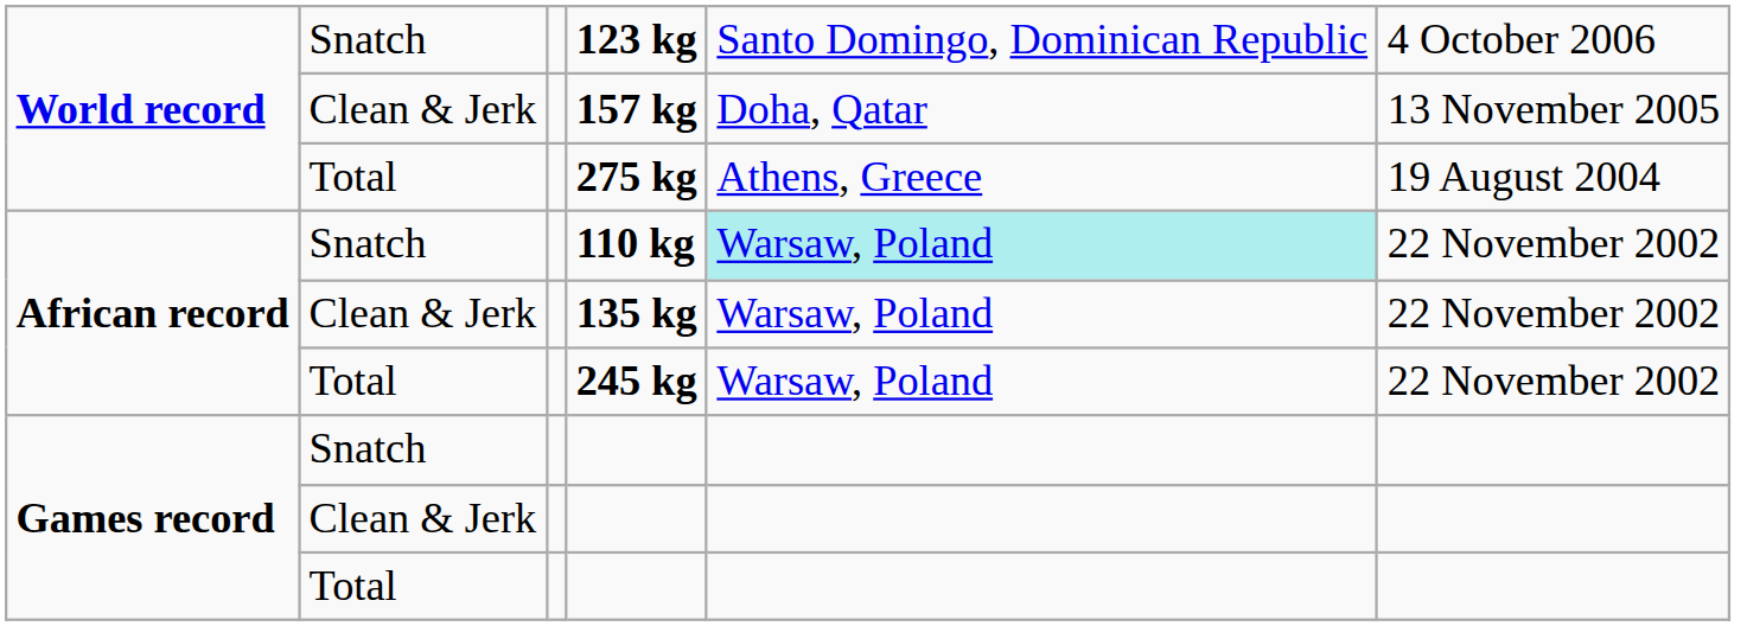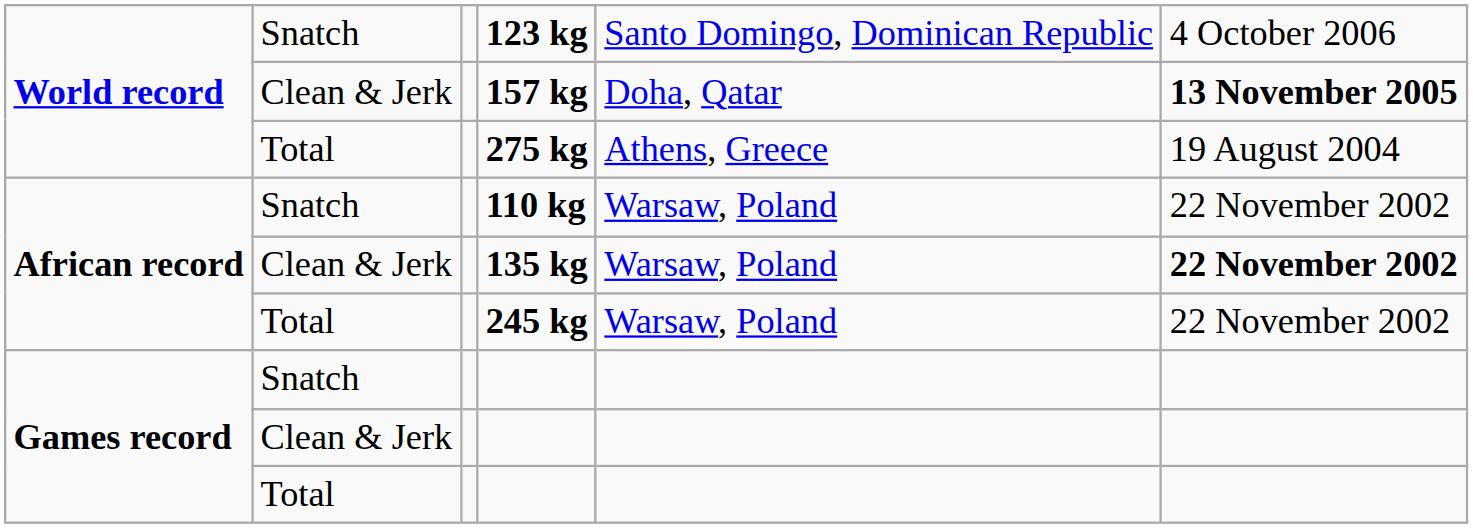 <table class="wikitable">
 <tr>
 <td rowspan=3><strong><a href='#'>World record</a></strong></td>
 <td>Snatch</td>
 <td></td>
 <td><strong>123 kg</strong></td>
 <td><a href='#'>Santo Domingo</a>, <a href='#'>Dominican Republic</a></td>
 <td>4 October 2006</td>
 </tr>
 <tr>
 <td>Clean & Jerk</td>
 <td></td>
 <td><strong>157 kg</strong></td>
 <td><a href='#'>Doha</a>, <a href='#'>Qatar</a></td>
-<td>13 November 2005</td>
+<td><strong>13 November 2005</strong></td>
 </tr>
 <tr>
 <td>Total</td>
 <td></td>
 <td><strong>275 kg</strong></td>
 <td><a href='#'>Athens</a>, <a href='#'>Greece</a></td>
 <td>19 August 2004</td>
 </tr>
 <tr>
 <td rowspan=3><strong>African record</strong></td>
 <td>Snatch</td>
 <td></td>
 <td><strong>110 kg</strong></td>
-<td style="background: paleturquoise;"><a href='#'>Warsaw</a>, <a href='#'>Poland</a></td>
+<td><a href='#'>Warsaw</a>, <a href='#'>Poland</a></td>
 <td>22 November 2002</td>
 </tr>
 <tr>
 <td>Clean & Jerk</td>
 <td></td>
 <td><strong>135 kg</strong></td>
 <td><a href='#'>Warsaw</a>, <a href='#'>Poland</a></td>
-<td>22 November 2002</td>
+<td><strong>22 November 2002</strong></td>
 </tr>
 <tr>
 <td>Total</td>
 <td></td>
 <td><strong>245 kg</strong></td>
 <td><a href='#'>Warsaw</a>, <a href='#'>Poland</a></td>
 <td>22 November 2002</td>
 </tr>
 <tr>
 <td rowspan=3><strong>Games record</strong></td>
 <td>Snatch</td>
 <td></td>
 <td></td>
 <td></td>
 <td></td>
 </tr>
 <tr>
 <td>Clean & Jerk</td>
 <td></td>
 <td></td>
 <td></td>
 <td></td>
 </tr>
 <tr>
 <td>Total</td>
 <td></td>
 <td></td>
 <td></td>
 <td></td>
 </tr>
 </table>
